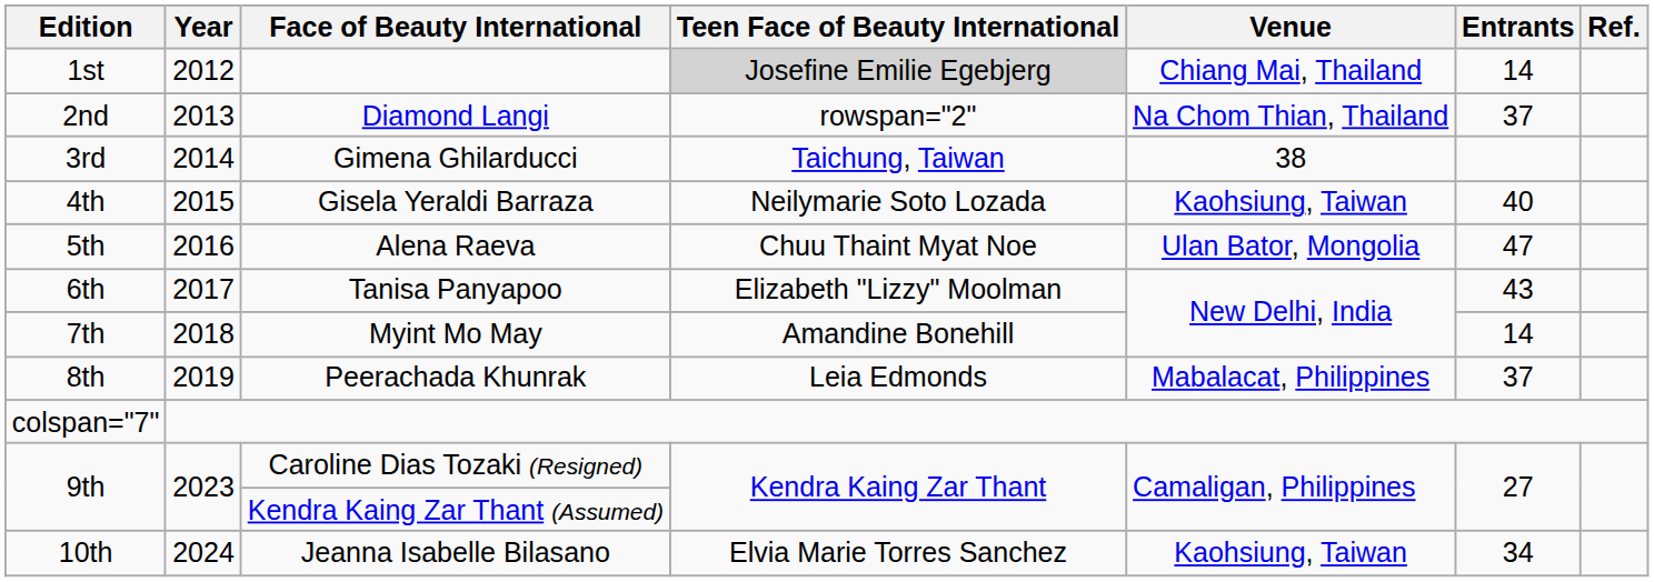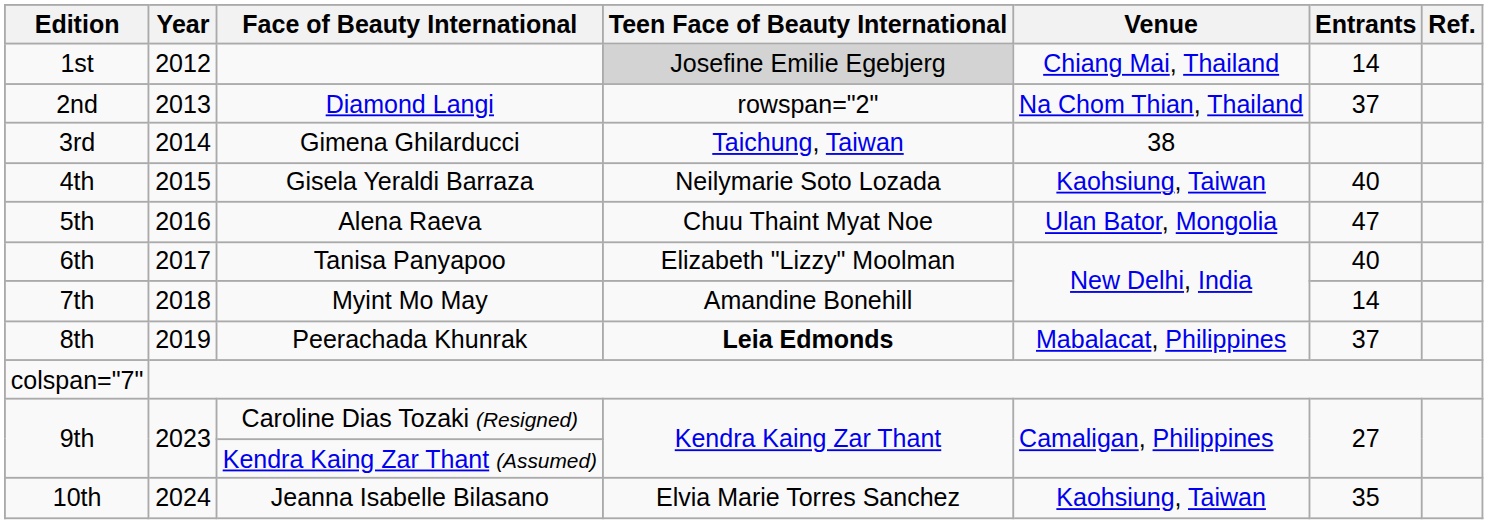 <table class="wikitable sortable" style="font-size: 85%; text-align:center;">
 <tr>
 <th>Edition</th>
 <th>Year</th>
 <th>Face of Beauty International</th>
 <th>Teen Face of Beauty International</th>
 <th>Venue</th>
 <th>Entrants</th>
 <th>Ref.</th>
 </tr>
 <tr>
 <td>1st</td>
 <td>2012</td>
 <td></td>
 <td style="background: lightgrey;">Josefine Emilie Egebjerg<br></td>
 <td><a href='#'>Chiang Mai</a>, <a href='#'>Thailand</a></td>
 <td>14</td>
 <td></td>
 </tr>
 <tr>
 <td>2nd</td>
 <td rowspan="1" style="text-align:center;">2013</td>
 <td><a href='#'>Diamond Langi</a><br></td>
 <td>rowspan="2" </td>
 <td><a href='#'>Na Chom Thian</a>, <a href='#'>Thailand</a></td>
 <td>37</td>
 <td></td>
 </tr>
 <tr>
 <td>3rd</td>
 <td rowspan="1" style="text-align:center;">2014</td>
 <td>Gimena Ghilarducci<br></td>
 <td><a href='#'>Taichung</a>, <a href='#'>Taiwan</a></td>
 <td>38</td>
 <td></td>
 </tr>
 <tr>
 <td>4th</td>
 <td rowspan="1" style="text-align:center;">2015</td>
 <td>Gisela Yeraldi Barraza<br></td>
 <td>Neilymarie Soto Lozada<br></td>
 <td><a href='#'>Kaohsiung</a>, <a href='#'>Taiwan</a></td>
 <td>40</td>
 <td></td>
 </tr>
 <tr>
 <td>5th</td>
 <td rowspan="1" style="text-align:center;">2016</td>
 <td>Alena Raeva<br></td>
 <td>Chuu Thaint Myat Noe<br></td>
 <td><a href='#'>Ulan Bator</a>, <a href='#'>Mongolia</a></td>
 <td>47</td>
 <td></td>
 </tr>
 <tr>
 <td>6th</td>
 <td rowspan="1" style="text-align:center;">2017</td>
 <td>Tanisa Panyapoo<br></td>
 <td>Elizabeth "Lizzy" Moolman<br></td>
 <td rowspan="2"><a href='#'>New Delhi</a>, <a href='#'>India</a></td>
-<td>43</td>
+<td>40</td>
 <td></td>
 </tr>
 <tr>
 <td>7th</td>
 <td rowspan="1" style="text-align:center;">2018</td>
 <td>Myint Mo May<br></td>
 <td>Amandine Bonehill<br></td>
 <td>14</td>
 <td></td>
 </tr>
 <tr>
 <td>8th</td>
 <td rowspan="1" style="text-align:center;">2019</td>
 <td>Peerachada Khunrak<br></td>
-<td>Leia Edmonds<br></td>
+<td><strong>Leia Edmonds<br></strong></td>
 <td><a href='#'>Mabalacat</a>, <a href='#'>Philippines</a></td>
 <td>37</td>
 <td></td>
 </tr>
 <tr>
 <td>colspan="7" </td>
 </tr>
 <tr>
 <td rowspan="2">9th</td>
 <td rowspan="2" style="text-align:left;">2023</td>
 <td>Caroline Dias Tozaki <em><small>(Resigned)</small></em><br></td>
 <td rowspan="2"><a href='#'>Kendra Kaing Zar Thant</a> <em><small></small></em><br></td>
 <td rowspan="2" style="text-align:left;"><a href='#'>Camaligan</a>, <a href='#'>Philippines</a></td>
 <td rowspan="2">27</td>
 <td rowspan="2"></td>
 </tr>
 <tr>
 <td><a href='#'>Kendra Kaing Zar Thant</a> <em><small>(Assumed)</small></em><br></td>
 </tr>
 <tr>
 <td>10th</td>
 <td rowspan="1" style="text-align:center;">2024</td>
 <td>Jeanna Isabelle Bilasano<br></td>
 <td>Elvia Marie Torres Sanchez<br></td>
 <td><a href='#'>Kaohsiung</a>, <a href='#'>Taiwan</a></td>
-<td>34</td>
+<td>35</td>
 <td></td>
 </tr>
 </table>
